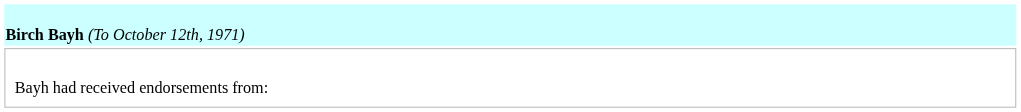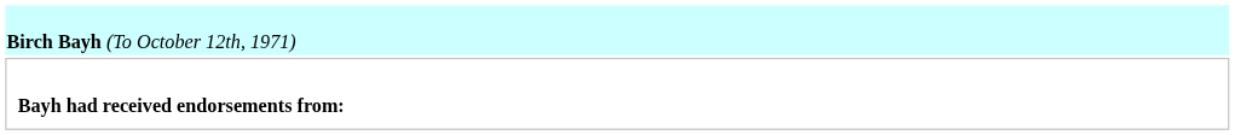 <table class="collapsible collapsed" style="width:100%;font-size:88%;text-align:left; border:0; margin-top:0.2em;">
 <tr>
 <th style="background:#cff; font-weight:normal;"><br><strong>Birch Bayh</strong> <em>(To October 12th, 1971)</em></th>
 </tr>
 <tr>
-<td style="border:solid 1px silver; padding:8px; background:white;"><br>Bayh had received endorsements from:</td>
+<td style="border:solid 1px silver; padding:8px; background:white;"><strong><br>Bayh had received endorsements from:</strong></td>
 </tr>
 <tr>
 <td style="text-align:center;"></td>
 </tr>
 </table>
